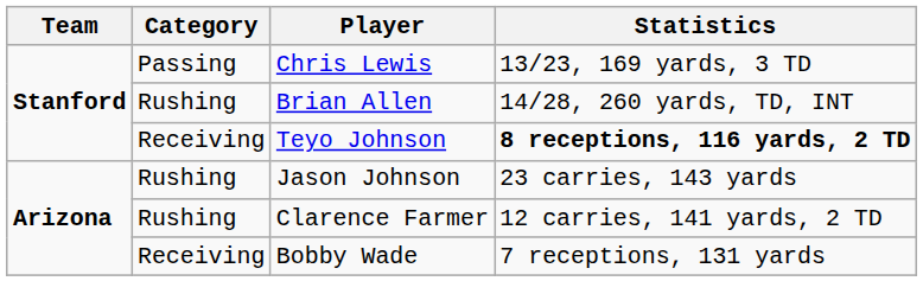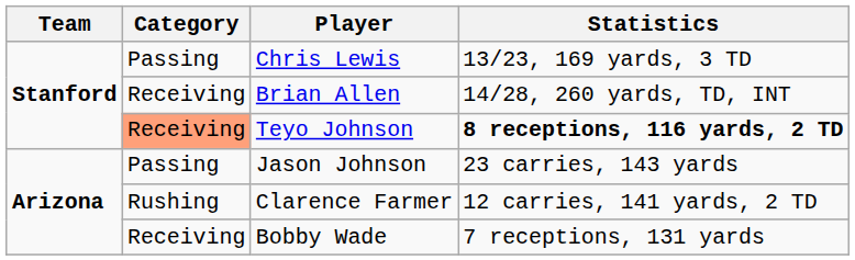 <table class="wikitable" style="float: right;">
 <tr>
 <th>Team</th>
 <th>Category</th>
 <th>Player</th>
 <th>Statistics</th>
 </tr>
 <tr>
 <td rowspan=3><strong>Stanford</strong></td>
 <td>Passing</td>
 <td><a href='#'>Chris Lewis</a></td>
 <td>13/23, 169 yards, 3 TD</td>
 </tr>
 <tr>
-<td>Rushing</td>
+<td>Receiving</td>
 <td><a href='#'>Brian Allen</a></td>
 <td>14/28, 260 yards, TD, INT</td>
 </tr>
 <tr>
-<td>Receiving</td>
+<td style="background: lightsalmon;">Receiving</td>
 <td><a href='#'>Teyo Johnson</a></td>
 <td><strong>8 receptions, 116 yards, 2 TD</strong></td>
 </tr>
 <tr>
 <td rowspan=3><strong>Arizona</strong></td>
-<td>Rushing</td>
+<td>Passing</td>
 <td>Jason Johnson</td>
 <td>23 carries, 143 yards</td>
 </tr>
 <tr>
 <td>Rushing</td>
 <td>Clarence Farmer</td>
 <td>12 carries, 141 yards, 2 TD</td>
 </tr>
 <tr>
 <td>Receiving</td>
 <td>Bobby Wade</td>
 <td>7 receptions, 131 yards</td>
 </tr>
 </table>
